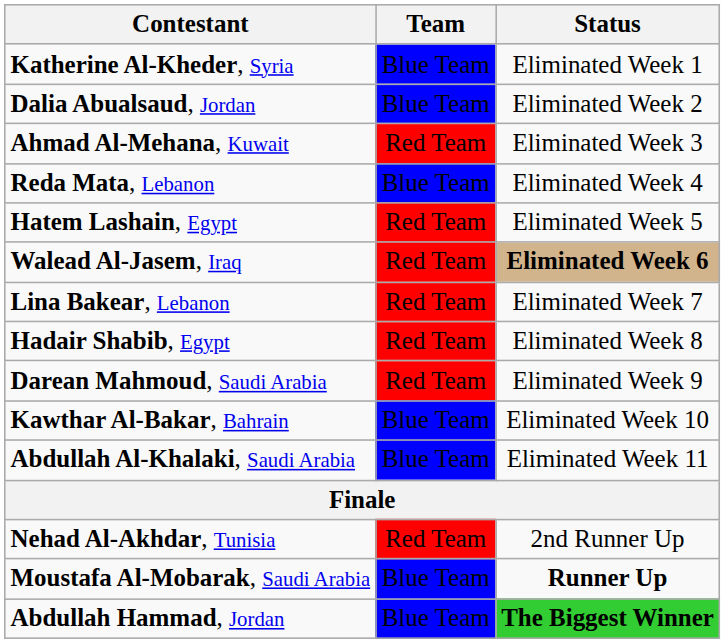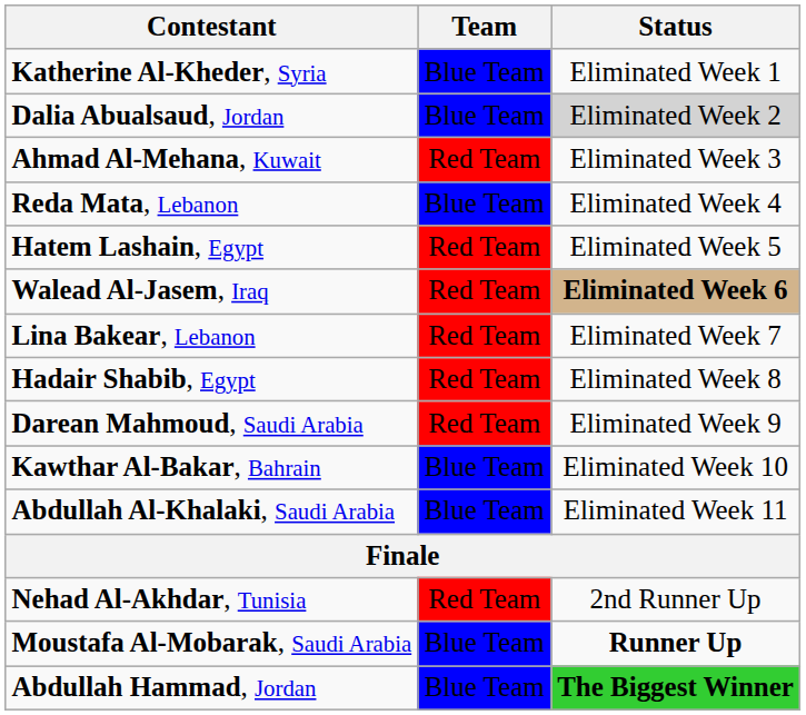 <table class="wikitable" align="center" style="text-align:center">
 <tr>
 <th>Contestant</th>
 <th>Team</th>
 <th>Status</th>
 </tr>
 <tr>
 <td align="left"><strong>Katherine Al-Kheder</strong>, <small><a href='#'>Syria</a></small></td>
 <td bgcolor="blue"><span>Blue Team</span></td>
 <td>Eliminated Week 1</td>
 </tr>
 <tr>
 <td align="left"><strong>Dalia Abualsaud</strong>, <small><a href='#'>Jordan</a></small></td>
 <td bgcolor="blue"><span>Blue Team</span></td>
-<td>Eliminated Week 2</td>
+<td style="background: lightgrey;">Eliminated Week 2</td>
 </tr>
 <tr>
 <td align="left"><strong>Ahmad Al-Mehana</strong>, <small><a href='#'>Kuwait</a></small></td>
 <td bgcolor="red"><span>Red Team</span></td>
 <td>Eliminated Week 3</td>
 </tr>
 <tr>
 <td align="left"><strong>Reda Mata</strong>, <small><a href='#'>Lebanon</a></small></td>
 <td bgcolor="blue"><span>Blue Team</span></td>
 <td>Eliminated Week 4</td>
 </tr>
 <tr>
 <td align="left"><strong>Hatem Lashain</strong>, <small><a href='#'>Egypt</a></small></td>
 <td bgcolor="red"><span>Red Team</span></td>
 <td>Eliminated Week 5</td>
 </tr>
 <tr>
 <td align="left"><strong>Walead Al-Jasem</strong>, <small><a href='#'>Iraq</a></small></td>
 <td bgcolor="red"><span>Red Team</span></td>
 <td bgcolor="tan"><span><strong>Eliminated Week 6</strong></span></td>
 </tr>
 <tr>
 <td align="left"><strong>Lina Bakear</strong>, <small><a href='#'>Lebanon</a></small></td>
 <td bgcolor="red"><span>Red Team</span></td>
 <td>Eliminated Week 7</td>
 </tr>
 <tr>
 <td align="left"><strong>Hadair Shabib</strong>, <small><a href='#'>Egypt</a></small></td>
 <td bgcolor="red"><span>Red Team</span></td>
 <td>Eliminated Week 8</td>
 </tr>
 <tr>
 <td align="left"><strong>Darean Mahmoud</strong>, <small><a href='#'>Saudi Arabia</a></small></td>
 <td bgcolor="red"><span>Red Team</span></td>
 <td>Eliminated Week 9</td>
 </tr>
 <tr>
 <td align="left"><strong>Kawthar Al-Bakar</strong>, <small><a href='#'>Bahrain</a></small></td>
 <td bgcolor="blue"><span>Blue Team</span></td>
 <td>Eliminated Week 10</td>
 </tr>
 <tr>
 <td align="left"><strong>Abdullah Al-Khalaki</strong>, <small><a href='#'>Saudi Arabia</a></small></td>
 <td bgcolor="blue"><span>Blue Team</span></td>
 <td>Eliminated Week 11</td>
 </tr>
 <tr>
 <th colspan=3>Finale</th>
 </tr>
 <tr>
 <td align="left"><strong>Nehad Al-Akhdar</strong>, <small><a href='#'>Tunisia</a></small></td>
 <td bgcolor="red"><span>Red Team</span></td>
 <td>2nd Runner Up</td>
 </tr>
 <tr>
 <td align="left"><strong>Moustafa Al-Mobarak</strong>, <small><a href='#'>Saudi Arabia</a></small></td>
 <td bgcolor="blue"><span>Blue Team</span></td>
 <td><strong>Runner Up</strong></td>
 </tr>
 <tr>
 <td align="left"><strong>Abdullah Hammad</strong>, <small><a href='#'>Jordan</a></small></td>
 <td bgcolor="blue"><span>Blue Team</span></td>
 <td bgcolor="limegreen"><span><strong>The Biggest Winner</strong></span></td>
 </tr>
 </table>
